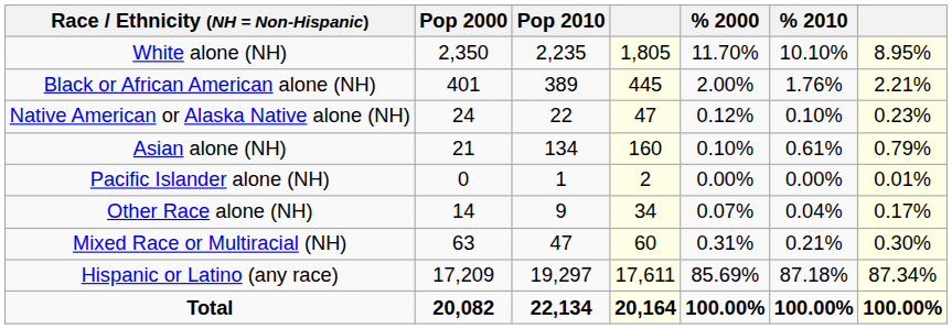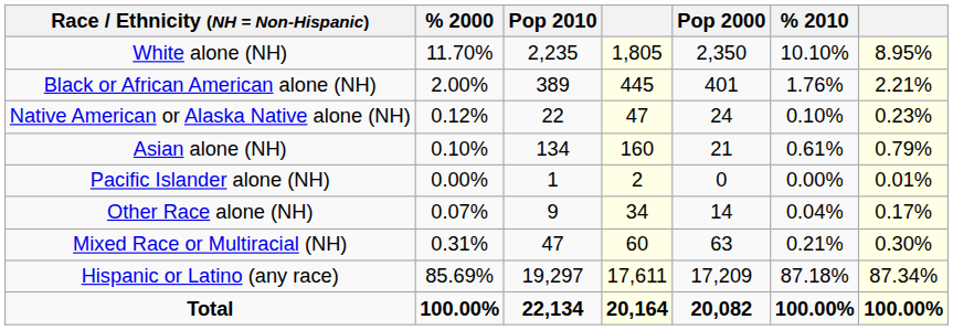 <table class="wikitable" style="text-align:center;">
 <tr>
 <th>Race / Ethnicity <small>(<em>NH = Non-Hispanic</em>)</small></th>
-<th>Pop 2000</th>
+<th>% 2000</th>
 <th>Pop 2010</th>
 <th></th>
-<th>% 2000</th>
+<th>Pop 2000</th>
 <th>% 2010</th>
 <th></th>
 </tr>
 <tr>
 <td><a href='#'>White</a> alone (NH)</td>
-<td>2,350</td>
+<td>11.70%</td>
 <td>2,235</td>
 <td style='background: #ffffe6;'>1,805</td>
-<td>11.70%</td>
+<td>2,350</td>
 <td>10.10%</td>
 <td style='background: #ffffe6;'>8.95%</td>
 </tr>
 <tr>
 <td><a href='#'>Black or African American</a> alone (NH)</td>
-<td>401</td>
+<td>2.00%</td>
 <td>389</td>
 <td style='background: #ffffe6;'>445</td>
-<td>2.00%</td>
+<td>401</td>
 <td>1.76%</td>
 <td style='background: #ffffe6;'>2.21%</td>
 </tr>
 <tr>
 <td><a href='#'>Native American</a> or <a href='#'>Alaska Native</a> alone (NH)</td>
-<td>24</td>
+<td>0.12%</td>
 <td>22</td>
 <td style='background: #ffffe6;'>47</td>
-<td>0.12%</td>
+<td>24</td>
 <td>0.10%</td>
 <td style='background: #ffffe6;'>0.23%</td>
 </tr>
 <tr>
 <td><a href='#'>Asian</a> alone (NH)</td>
-<td>21</td>
+<td>0.10%</td>
 <td>134</td>
 <td style='background: #ffffe6;'>160</td>
-<td>0.10%</td>
+<td>21</td>
 <td>0.61%</td>
 <td style='background: #ffffe6;'>0.79%</td>
 </tr>
 <tr>
 <td><a href='#'>Pacific Islander</a> alone (NH)</td>
-<td>0</td>
+<td>0.00%</td>
 <td>1</td>
 <td style='background: #ffffe6;'>2</td>
-<td>0.00%</td>
+<td>0</td>
 <td>0.00%</td>
 <td style='background: #ffffe6;'>0.01%</td>
 </tr>
 <tr>
 <td><a href='#'>Other Race</a> alone (NH)</td>
-<td>14</td>
+<td>0.07%</td>
 <td>9</td>
 <td style='background: #ffffe6;'>34</td>
-<td>0.07%</td>
+<td>14</td>
 <td>0.04%</td>
 <td style='background: #ffffe6;'>0.17%</td>
 </tr>
 <tr>
 <td><a href='#'>Mixed Race or Multiracial</a> (NH)</td>
-<td>63</td>
+<td>0.31%</td>
 <td>47</td>
 <td style='background: #ffffe6;'>60</td>
-<td>0.31%</td>
+<td>63</td>
 <td>0.21%</td>
 <td style='background: #ffffe6;'>0.30%</td>
 </tr>
 <tr>
 <td><a href='#'>Hispanic or Latino</a> (any race)</td>
-<td>17,209</td>
+<td>85.69%</td>
 <td>19,297</td>
 <td style='background: #ffffe6;'>17,611</td>
-<td>85.69%</td>
+<td>17,209</td>
 <td>87.18%</td>
 <td style='background: #ffffe6;'>87.34%</td>
 </tr>
 <tr>
 <td><strong>Total</strong></td>
-<td><strong>20,082</strong></td>
+<td><strong>100.00%</strong></td>
 <td><strong>22,134</strong></td>
 <td style='background: #ffffe6;'><strong>20,164</strong></td>
-<td><strong>100.00%</strong></td>
+<td><strong>20,082</strong></td>
 <td><strong>100.00%</strong></td>
 <td style='background: #ffffe6;'><strong>100.00%</strong></td>
 </tr>
 </table>
